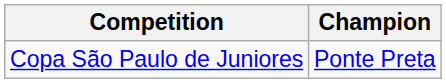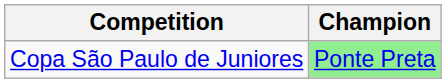 <table class="wikitable">
 <tr>
 <th>Competition</th>
 <th>Champion</th>
 </tr>
 <tr>
 <td><a href='#'>Copa São Paulo de Juniores</a></td>
-<td><a href='#'>Ponte Preta</a></td>
+<td style="background: lightgreen;"><a href='#'>Ponte Preta</a></td>
 </tr>
 </table>
